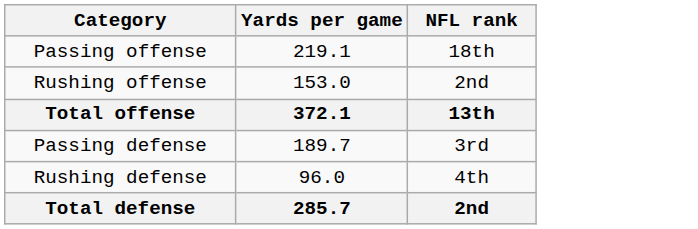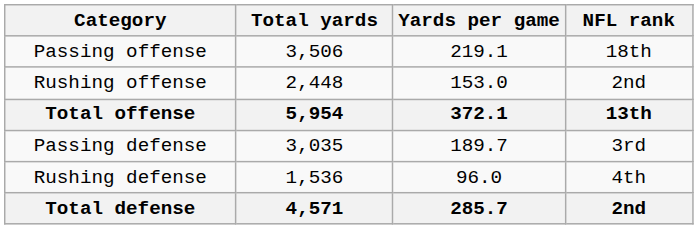 <table class="wikitable" style="text-align:center">
 <tr>
 <th width="150">Category</th>
+<th width="100">Total yards</th>
 <th width="110">Yards per game</th>
 <th width="80">NFL rank<br></th>
 </tr>
 <tr>
 <td>Passing offense</td>
+<td>3,506</td>
 <td>219.1</td>
 <td>18th</td>
 </tr>
 <tr>
 <td>Rushing offense</td>
+<td>2,448</td>
 <td>153.0</td>
 <td>2nd</td>
 </tr>
 <tr>
 <th>Total offense</th>
+<th>5,954</th>
 <th>372.1</th>
 <th>13th</th>
 </tr>
 <tr>
 <td>Passing defense</td>
+<td>3,035</td>
 <td>189.7</td>
 <td>3rd</td>
 </tr>
 <tr>
 <td>Rushing defense</td>
+<td>1,536</td>
 <td>96.0</td>
 <td>4th</td>
 </tr>
 <tr>
 <th>Total defense</th>
+<th>4,571</th>
 <th>285.7</th>
 <th>2nd</th>
 </tr>
 </table>
